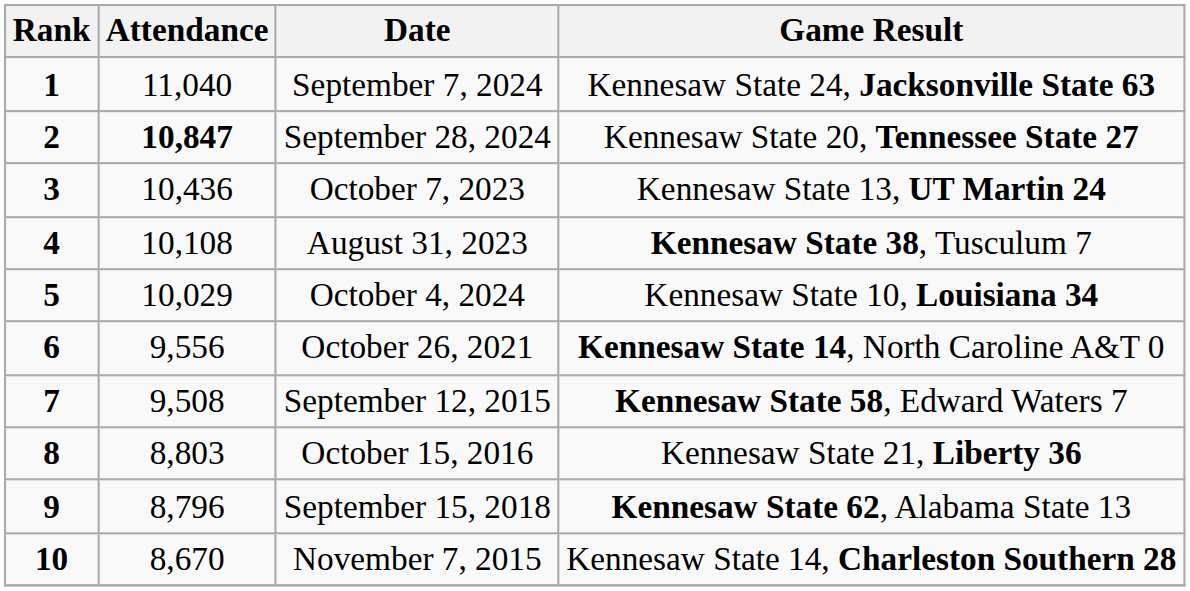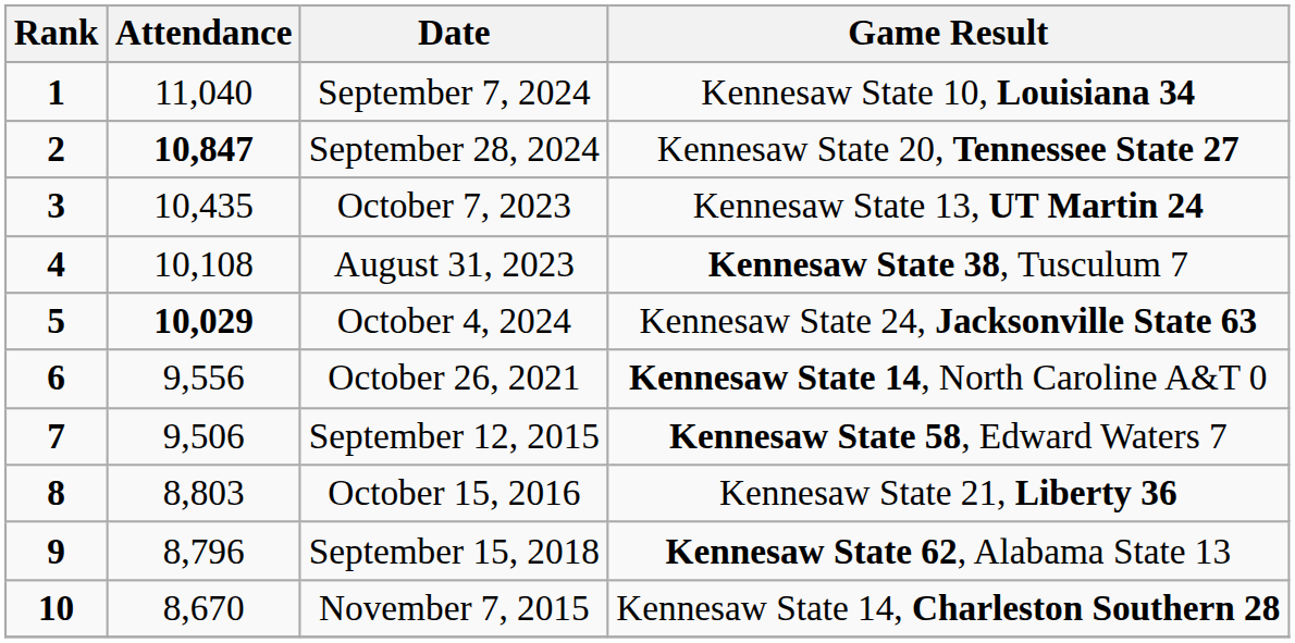 <table class="wikitable">
 <tr>
 <th>Rank</th>
 <th>Attendance</th>
 <th>Date</th>
 <th>Game Result</th>
 </tr>
 <tr align="center">
 <td><strong>1</strong></td>
 <td>11,040</td>
 <td>September 7, 2024</td>
-<td>Kennesaw State 24, <strong>Jacksonville State 63</strong></td>
+<td>Kennesaw State 10, <strong>Louisiana 34</strong></td>
 </tr>
 <tr align="center">
 <td><strong>2</strong></td>
 <td><strong>10,847</strong></td>
 <td>September 28, 2024</td>
 <td>Kennesaw State 20, <strong>Tennessee State 27</strong></td>
 </tr>
 <tr align="center">
 <td><strong>3</strong></td>
-<td>10,436</td>
+<td>10,435</td>
 <td>October 7, 2023</td>
 <td>Kennesaw State 13, <strong>UT Martin 24</strong></td>
 </tr>
 <tr align="center">
 <td><strong>4</strong></td>
 <td>10,108</td>
 <td>August 31, 2023</td>
 <td><strong>Kennesaw State 38</strong>, Tusculum 7</td>
 </tr>
 <tr align="center">
 <td><strong>5</strong></td>
-<td>10,029</td>
+<td><strong>10,029</strong></td>
 <td>October 4, 2024</td>
-<td>Kennesaw State 10, <strong>Louisiana 34</strong></td>
+<td>Kennesaw State 24, <strong>Jacksonville State 63</strong></td>
 </tr>
 <tr align="center">
 <td><strong>6</strong></td>
 <td>9,556</td>
 <td>October 26, 2021</td>
 <td><strong> Kennesaw State 14</strong>, North Caroline A&T 0</td>
 </tr>
 <tr align="center">
 <td><strong>7</strong></td>
-<td>9,508</td>
+<td>9,506</td>
 <td>September 12, 2015</td>
 <td><strong>Kennesaw State 58</strong>, Edward Waters 7</td>
 </tr>
 <tr align="center">
 <td><strong>8</strong></td>
 <td>8,803</td>
 <td>October 15, 2016</td>
 <td>Kennesaw State 21, <strong>Liberty 36</strong></td>
 </tr>
 <tr align="center">
 <td><strong>9</strong></td>
 <td>8,796</td>
 <td>September 15, 2018</td>
 <td><strong> Kennesaw State 62</strong>, Alabama State 13</td>
 </tr>
 <tr align="center">
 <td><strong>10</strong></td>
 <td>8,670</td>
 <td>November 7, 2015</td>
 <td>Kennesaw State 14, <strong> Charleston Southern 28</strong></td>
 </tr>
 <tr>
 </tr>
 </table>
